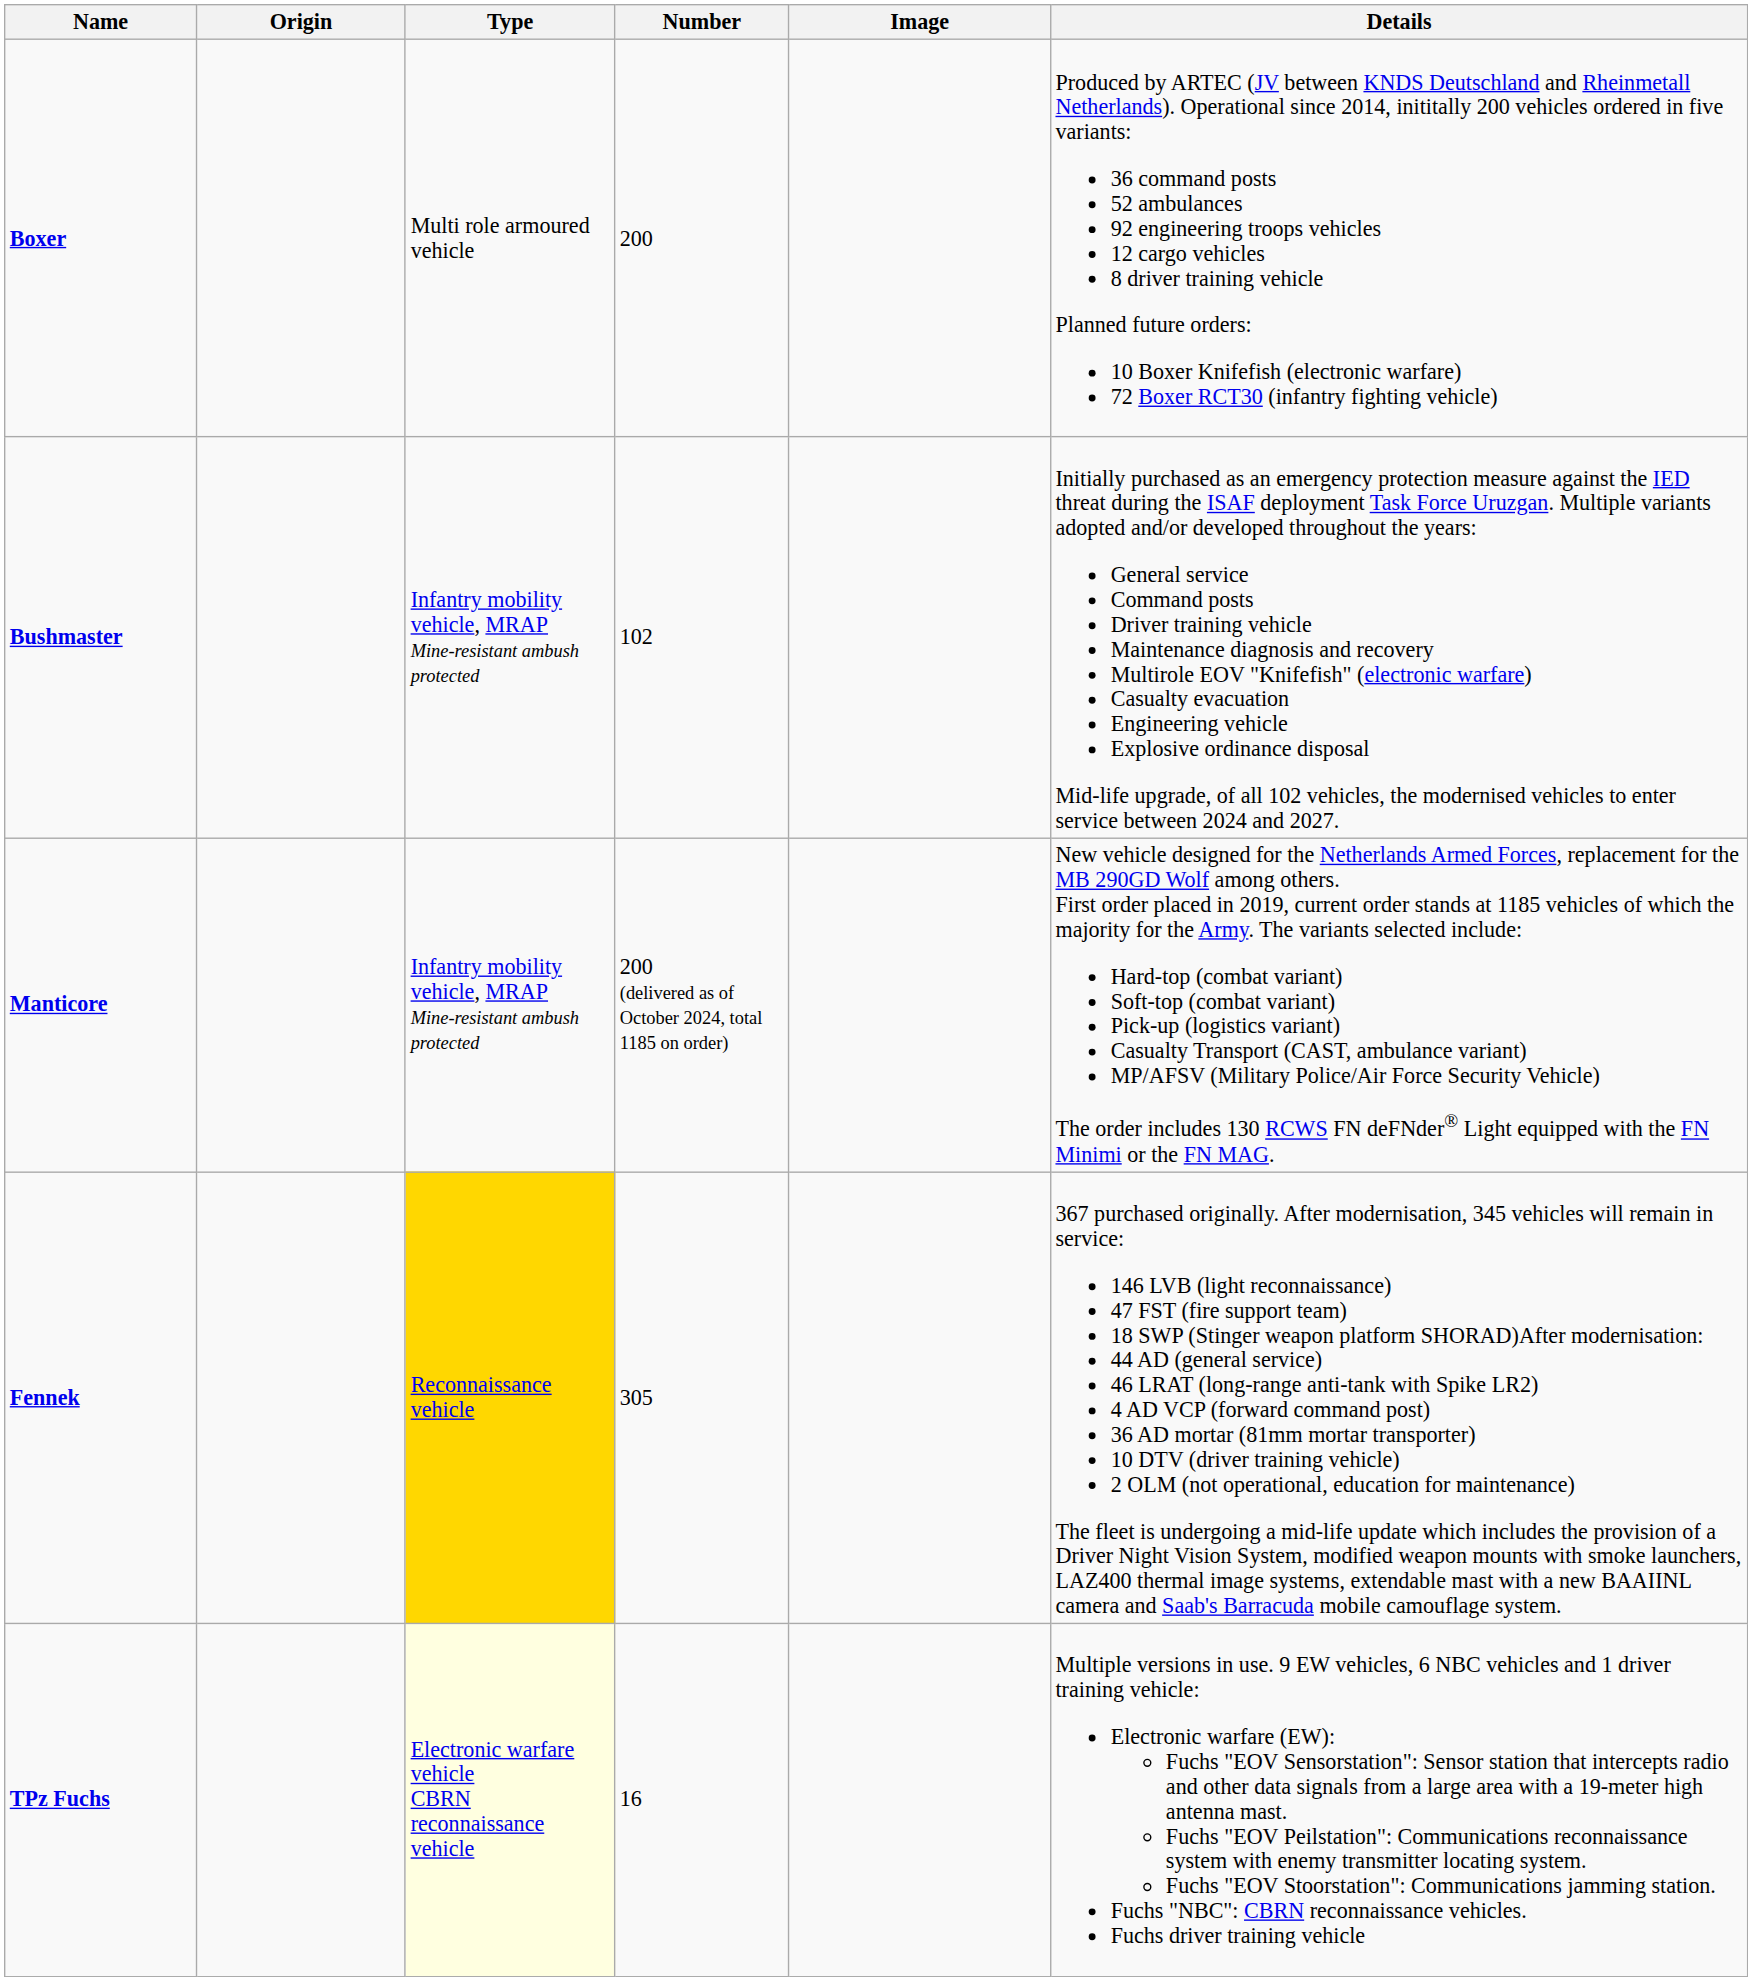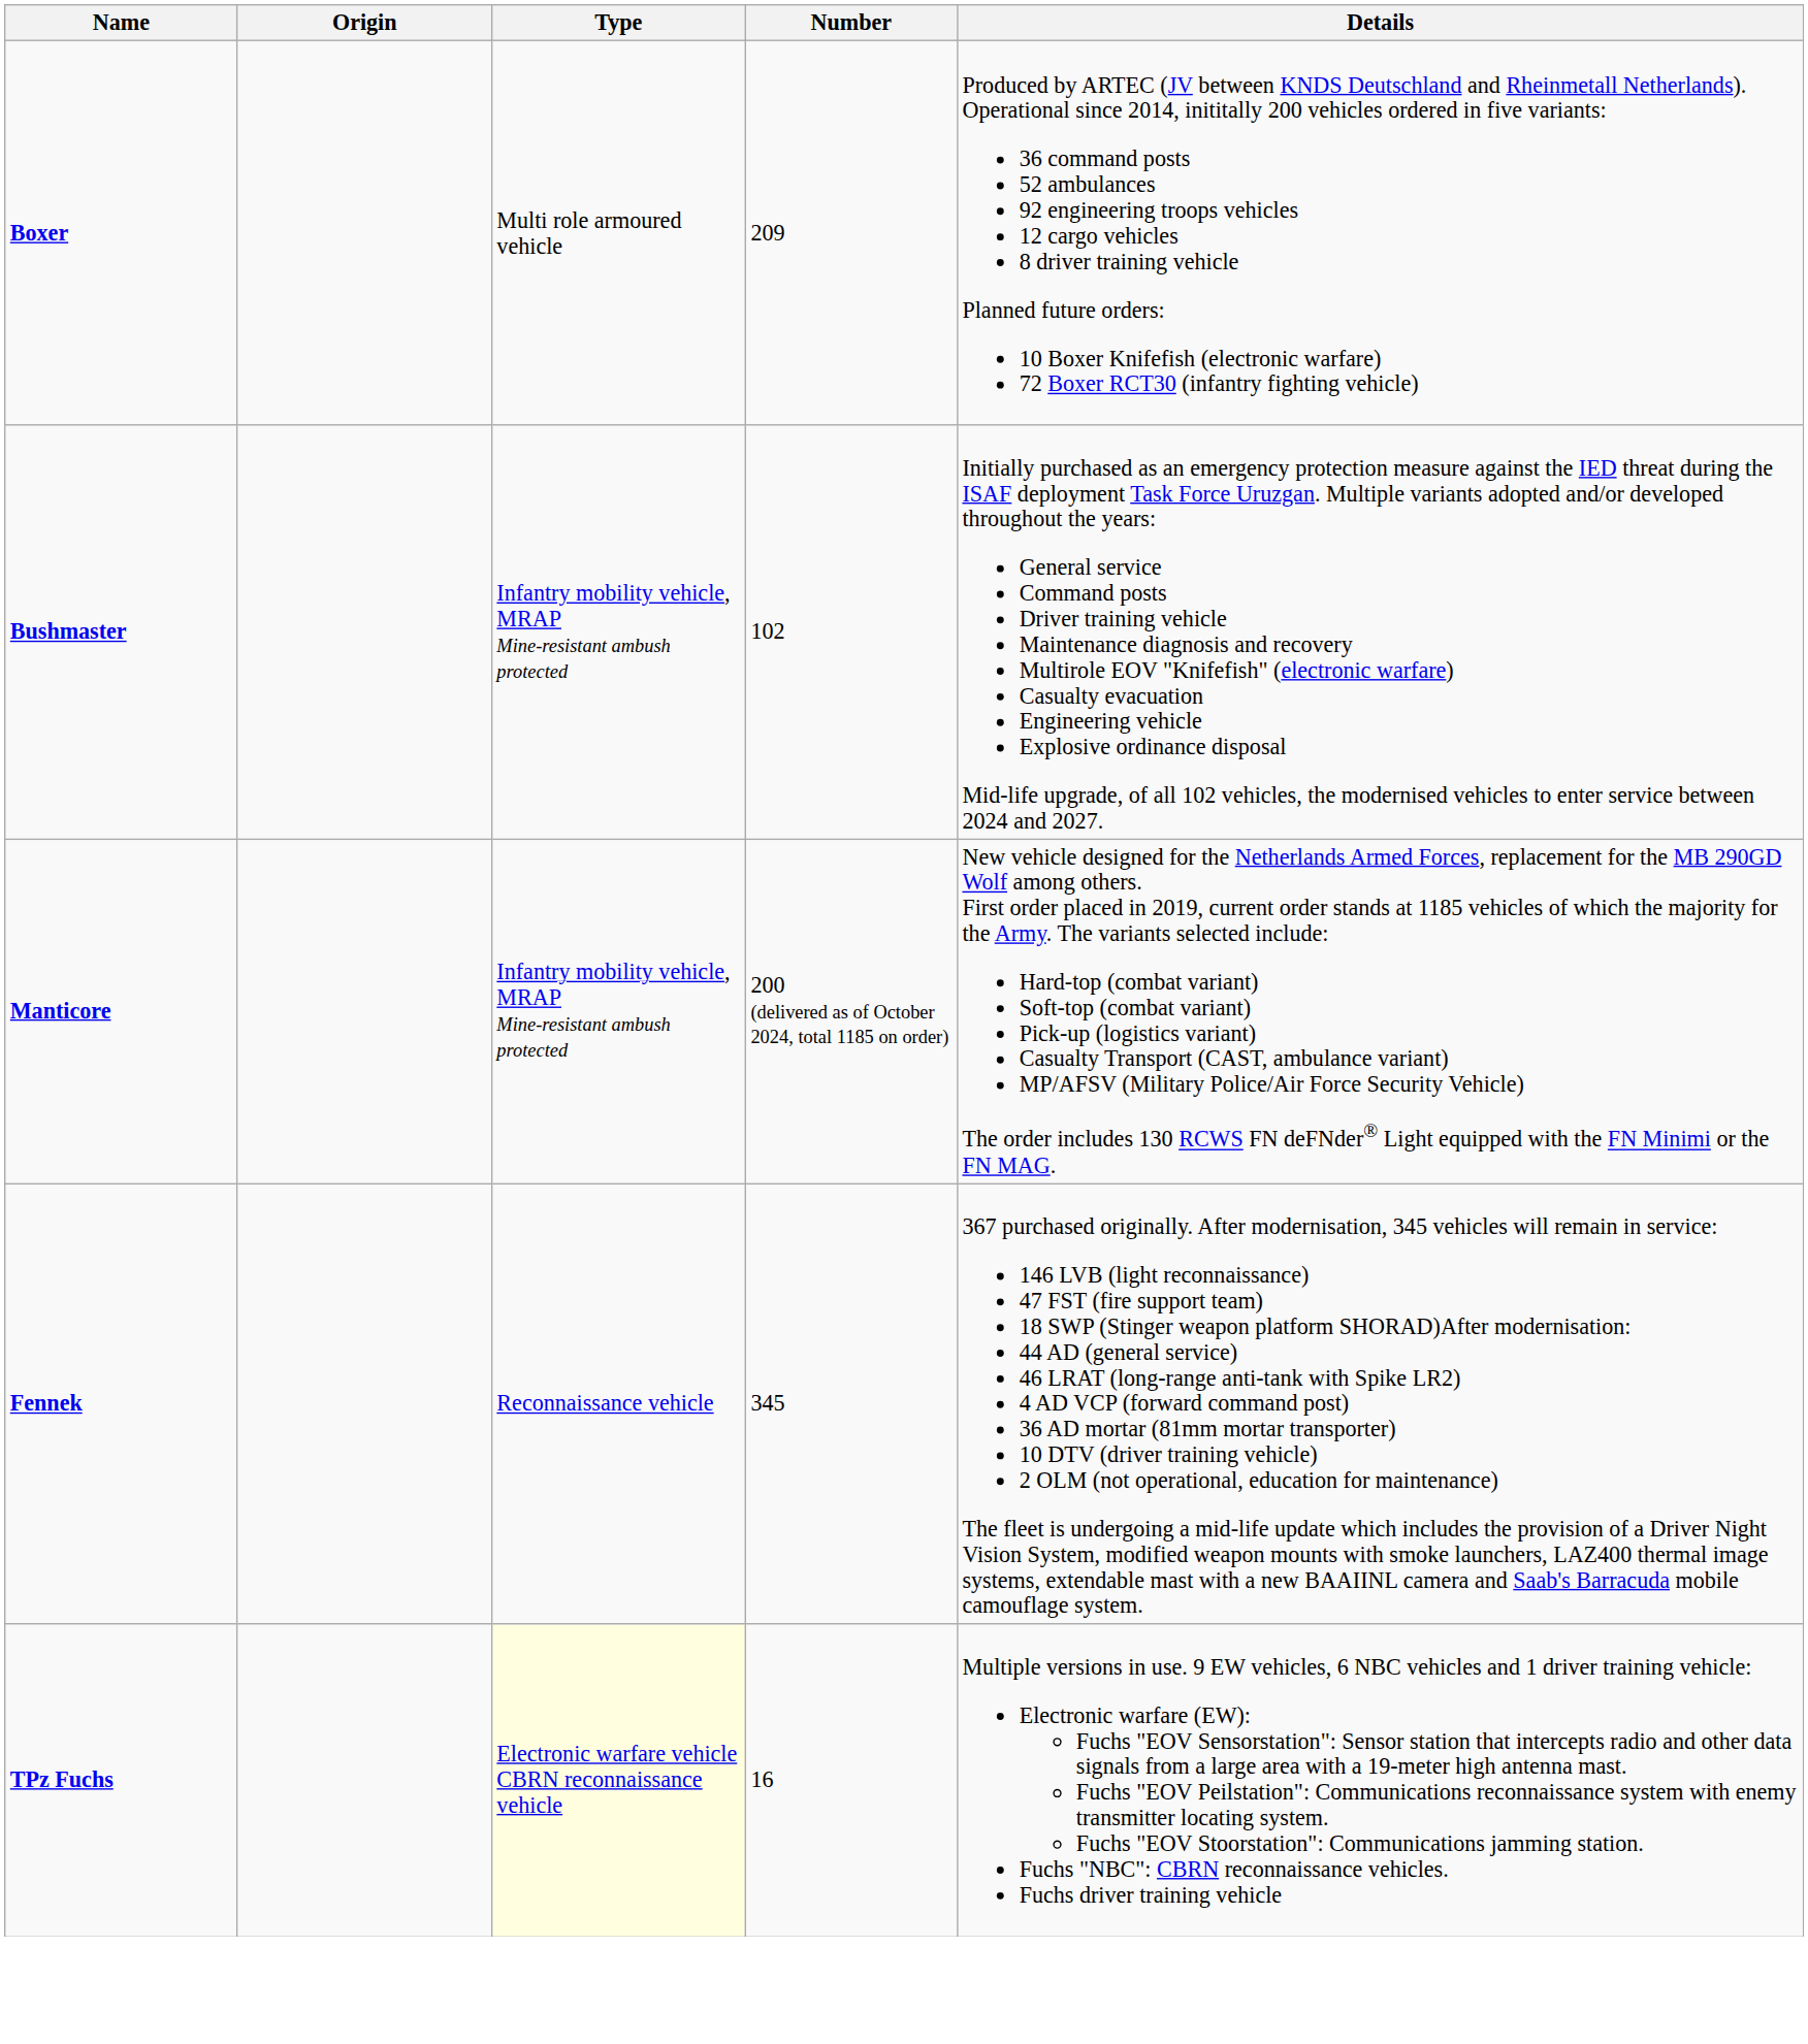 <table class="wikitable" style="margin:auto; width:100%;">
 <tr>
 <th style="text-align: center; width:11%;">Name</th>
 <th style="text-align: center; width:12%;">Origin</th>
 <th style="text-align: center; width:12%;">Type</th>
 <th style="text-align: center; width:10%;">Number</th>
-<th style="text-align: center; width:15%;">Image</th>
 <th style="text-align: center; width:40%;">Details</th>
 </tr>
 <tr>
 <td><strong><a href='#'>Boxer</a></strong></td>
 <td><small></small><br><small></small></td>
 <td>Multi role armoured vehicle</td>
-<td>200</td>
-<td></td>
+<td>209</td>
 <td><br>Produced by ARTEC (<a href='#'>JV</a> between <a href='#'>KNDS Deutschland</a> and <a href='#'>Rheinmetall Netherlands</a>). Operational since 2014, inititally 200 vehicles ordered in five variants:<ul><li>36 command posts</li><li>52 ambulances</li><li>92 engineering troops vehicles</li><li>12 cargo vehicles</li><li>8 driver training vehicle</li></ul>Planned future orders:<ul><li>10 Boxer Knifefish (electronic warfare)</li><li>72 <a href='#'>Boxer RCT30</a> (infantry fighting vehicle)</li></ul></td>
 </tr>
 <tr>
 <td><strong><a href='#'>Bushmaster</a></strong></td>
 <td><small></small></td>
 <td><a href='#'>Infantry mobility vehicle</a>, <a href='#'>MRAP</a><br><em><small>Mine-resistant ambush protected</small></em></td>
 <td>102</td>
-<td></td>
 <td><br>Initially purchased as an emergency protection measure against the <a href='#'>IED</a> threat during the <a href='#'>ISAF</a> deployment <a href='#'>Task Force Uruzgan</a>. Multiple variants adopted and/or developed throughout the years:<ul><li>General service</li><li>Command posts</li><li>Driver training vehicle</li><li>Maintenance diagnosis and recovery</li><li>Multirole EOV "Knifefish" (<a href='#'>electronic warfare</a>)</li><li>Casualty evacuation</li><li>Engineering vehicle</li><li>Explosive ordinance disposal</li></ul>Mid-life upgrade, of all 102 vehicles, the modernised vehicles to enter service between 2024 and 2027.</td>
 </tr>
 <tr>
 <td><strong><a href='#'>Manticore</a></strong></td>
 <td><small></small></td>
 <td><a href='#'>Infantry mobility vehicle</a>, <a href='#'>MRAP</a><br><em><small>Mine-resistant ambush protected</small></em></td>
 <td>200<br><small>(delivered as of October 2024, total 1185 on order)</small></td>
-<td></td>
 <td>New vehicle designed for the <a href='#'>Netherlands Armed Forces</a>, replacement for the <a href='#'>MB 290GD Wolf</a> among others.<br>First order placed in 2019, current order stands at 1185 vehicles of which the majority for the <a href='#'>Army</a>.  The variants selected include:<ul><li>Hard-top (combat variant)</li><li>Soft-top (combat variant)</li><li>Pick-up (logistics variant)</li><li>Casualty Transport (CAST, ambulance variant)</li><li>MP/AFSV (Military Police/Air Force Security Vehicle)</li></ul>The order includes 130 <a href='#'>RCWS</a> FN deFNder<sup>®</sup> Light equipped with the <a href='#'>FN Minimi</a> or the <a href='#'>FN MAG</a>.</td>
 </tr>
 <tr>
 <td><strong><a href='#'>Fennek</a></strong></td>
 <td><small></small><br><small></small></td>
-<td style="background: gold;"><a href='#'>Reconnaissance vehicle</a></td>
-<td>305</td>
-<td></td>
+<td><a href='#'>Reconnaissance vehicle</a></td>
+<td>345</td>
 <td><br>367 purchased originally. After modernisation, 345 vehicles will remain in service:<ul><li>146 LVB (light reconnaissance)</li><li>47 FST (fire support team)</li><li>18 SWP (Stinger weapon platform SHORAD)After modernisation:</li><li>44 AD (general service)</li><li>46 LRAT (long-range anti-tank with Spike LR2)</li><li>4 AD VCP (forward command post)</li><li>36 AD mortar (81mm mortar transporter)</li><li>10 DTV (driver training vehicle)</li><li>2 OLM (not operational, education for maintenance)</li></ul>The fleet is undergoing a mid-life update which includes the provision of a Driver Night Vision System, modified weapon mounts with smoke launchers, LAZ400 thermal image systems, extendable mast with a new BAAIINL camera and <a href='#'>Saab's Barracuda</a> mobile camouflage system.</td>
 </tr>
 <tr>
 <td><strong><a href='#'>TPz Fuchs</a></strong></td>
 <td><small></small></td>
 <td style="background: lightyellow;"><a href='#'>Electronic warfare vehicle</a><br><a href='#'>CBRN reconnaissance vehicle</a></td>
 <td>16</td>
-<td></td>
 <td><br>Multiple versions in use. 9 EW vehicles, 6 NBC vehicles and 1 driver training vehicle:<ul><li>Electronic warfare (EW):<ul><li>Fuchs "EOV Sensorstation": Sensor station that intercepts radio and other data signals from a large area with a 19-meter high antenna mast.</li><li>Fuchs "EOV Peilstation": Communications reconnaissance system with enemy transmitter locating system.</li><li>Fuchs "EOV Stoorstation": Communications jamming station.</li></ul></li><li>Fuchs "NBC": <a href='#'>CBRN</a> reconnaissance vehicles.</li><li>Fuchs driver training vehicle</li></ul></td>
 </tr>
 </table>
